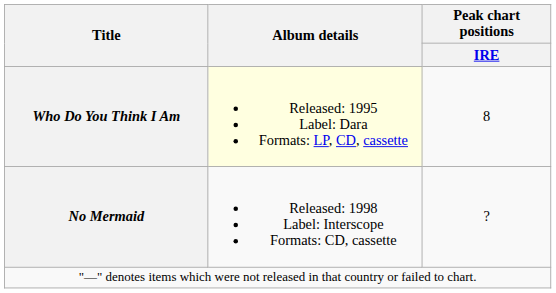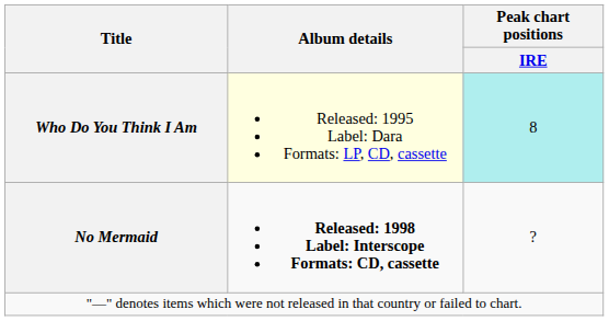 <table class="wikitable plainrowheaders" style="text-align:center;">
 <tr>
 <th scope="col" rowspan="2" style="width:17em;">Title</th>
 <th scope="col" rowspan="2" style="width:17em;">Album details</th>
 <th scope="col" colspan="10">Peak chart positions</th>
 </tr>
 <tr>
 <th scope="col" style="width:10em;font-size:100%;"><a href='#'>IRE</a></th>
 </tr>
 <tr>
 <th scope="row"><em>Who Do You Think I Am</em></th>
 <td style="background: lightyellow;"><br><ul><li>Released: 1995</li><li>Label: Dara</li><li>Formats: <a href='#'>LP</a>, <a href='#'>CD</a>, <a href='#'>cassette</a></li></ul></td>
-<td>8</td>
+<td style="background: paleturquoise;">8</td>
 </tr>
 <tr>
 <th scope="row"><em>No Mermaid</em></th>
-<td><br><ul><li>Released: 1998</li><li>Label: Interscope</li><li>Formats: CD, cassette</li></ul></td>
+<td><strong><br><ul><li>Released: 1998</li><li>Label: Interscope</li><li>Formats: CD, cassette</li></ul></strong></td>
 <td>?</td>
 </tr>
 <tr>
 <td colspan="12" style="font-size:90%;">"—" denotes items which were not released in that country or failed to chart.</td>
 </tr>
 </table>
